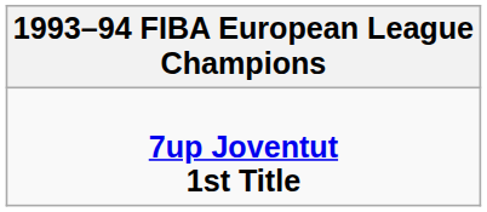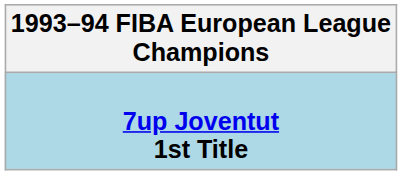 <table class=wikitable style="text-align:center; margin:auto">
 <tr>
 <th>1993–94 FIBA European League<br>Champions</th>
 </tr>
 <tr>
-<td> <br> <strong><a href='#'>7up Joventut</a></strong> <br> <strong>1st Title</strong></td>
+<td style="background: lightblue;"> <br> <strong><a href='#'>7up Joventut</a></strong> <br> <strong>1st Title</strong></td>
 </tr>
 </table>
